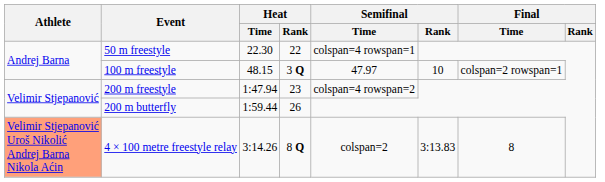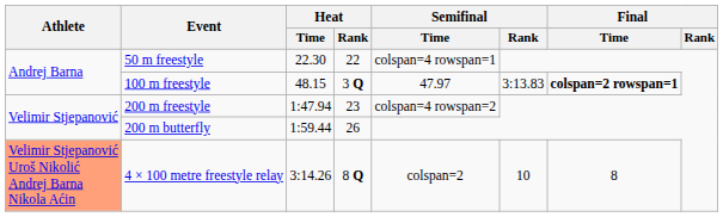 <table class="wikitable" style="font-size:90%;">
 <tr>
 <th rowspan="2">Athlete</th>
 <th rowspan="2">Event</th>
 <th colspan="2">Heat</th>
 <th colspan="2">Semifinal</th>
 <th colspan="2">Final</th>
 </tr>
 <tr style="font-size:95%">
 <th>Time</th>
 <th>Rank</th>
 <th>Time</th>
 <th>Rank</th>
 <th>Time</th>
 <th>Rank</th>
 </tr>
 <tr align=center>
 <td align=left rowspan=2><a href='#'>Andrej Barna</a></td>
 <td align=left><a href='#'>50 m freestyle</a></td>
 <td>22.30</td>
 <td>22</td>
 <td>colspan=4 rowspan=1 </td>
 </tr>
 <tr align=center>
 <td align=left><a href='#'>100 m freestyle</a></td>
 <td>48.15</td>
 <td>3 <strong>Q</strong></td>
 <td>47.97</td>
-<td>10</td>
-<td>colspan=2 rowspan=1 </td>
+<td>3:13.83</td>
+<td><strong>colspan=2 rowspan=1 </strong></td>
 </tr>
 <tr align=center>
 <td align=left rowspan=2><a href='#'>Velimir Stjepanović</a></td>
 <td align=left><a href='#'>200 m freestyle</a></td>
 <td>1:47.94</td>
 <td>23</td>
 <td>colspan=4 rowspan=2 </td>
 </tr>
 <tr align=center>
 <td align=left><a href='#'>200 m butterfly</a></td>
 <td>1:59.44</td>
 <td>26</td>
 </tr>
 <tr align=center>
 <td align=left style="background: lightsalmon;"><a href='#'>Velimir Stjepanović</a><br><a href='#'>Uroš Nikolić</a><br><a href='#'>Andrej Barna</a><br><a href='#'>Nikola Aćin</a></td>
 <td align=left><a href='#'>4 × 100 metre freestyle relay</a></td>
 <td>3:14.26</td>
 <td>8 <strong>Q</strong></td>
 <td>colspan=2 </td>
-<td>3:13.83</td>
+<td>10</td>
 <td>8</td>
 </tr>
 </table>
